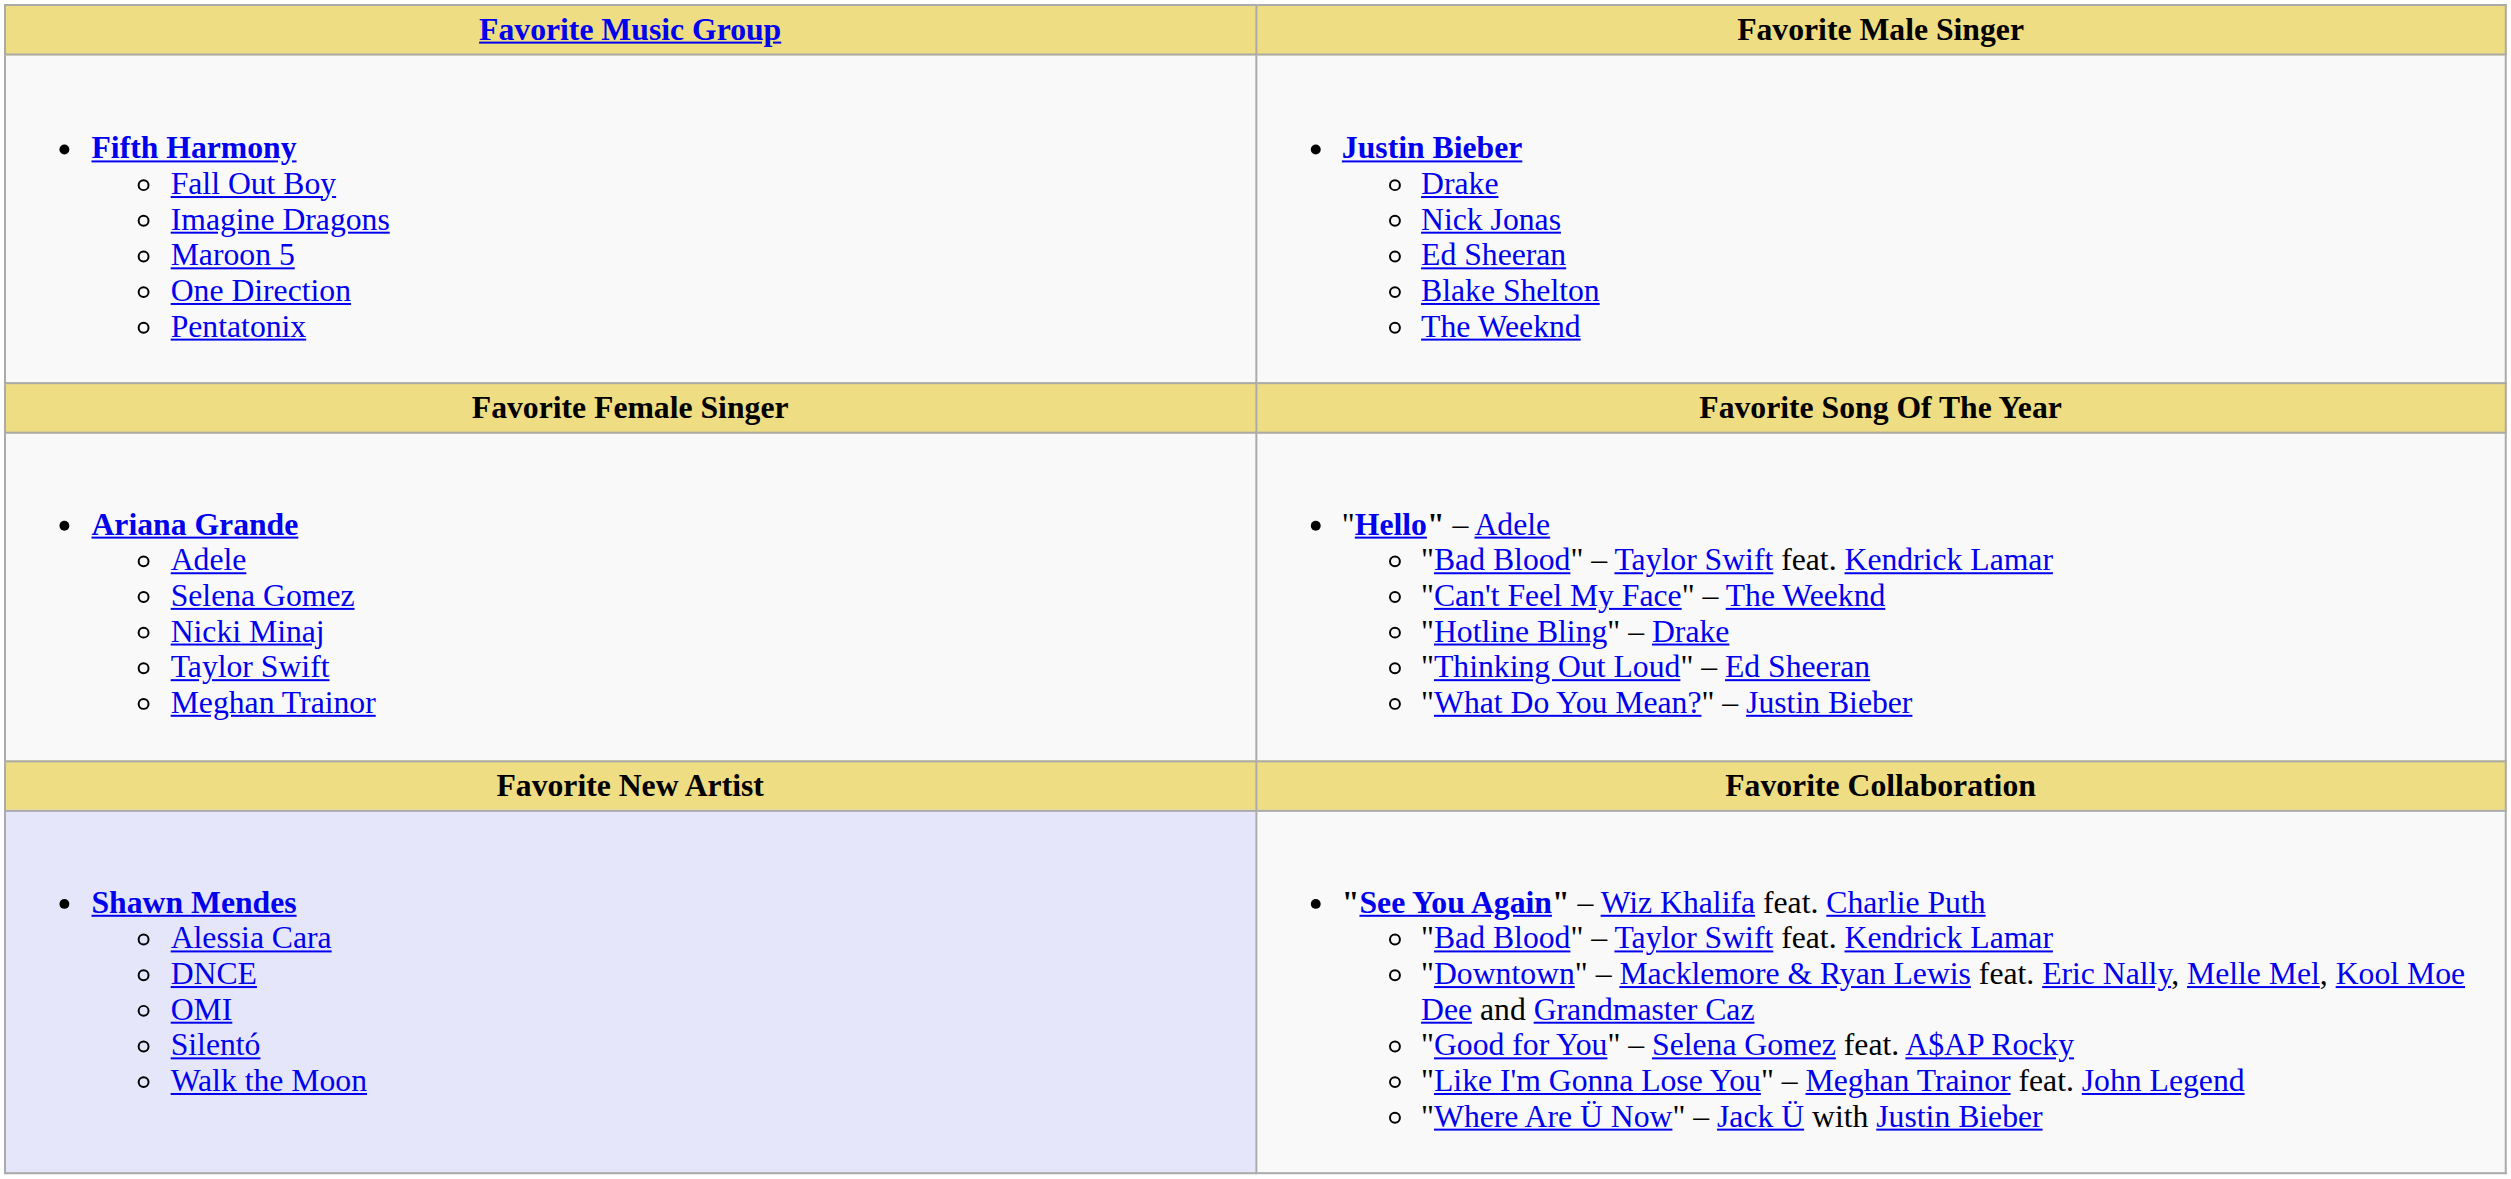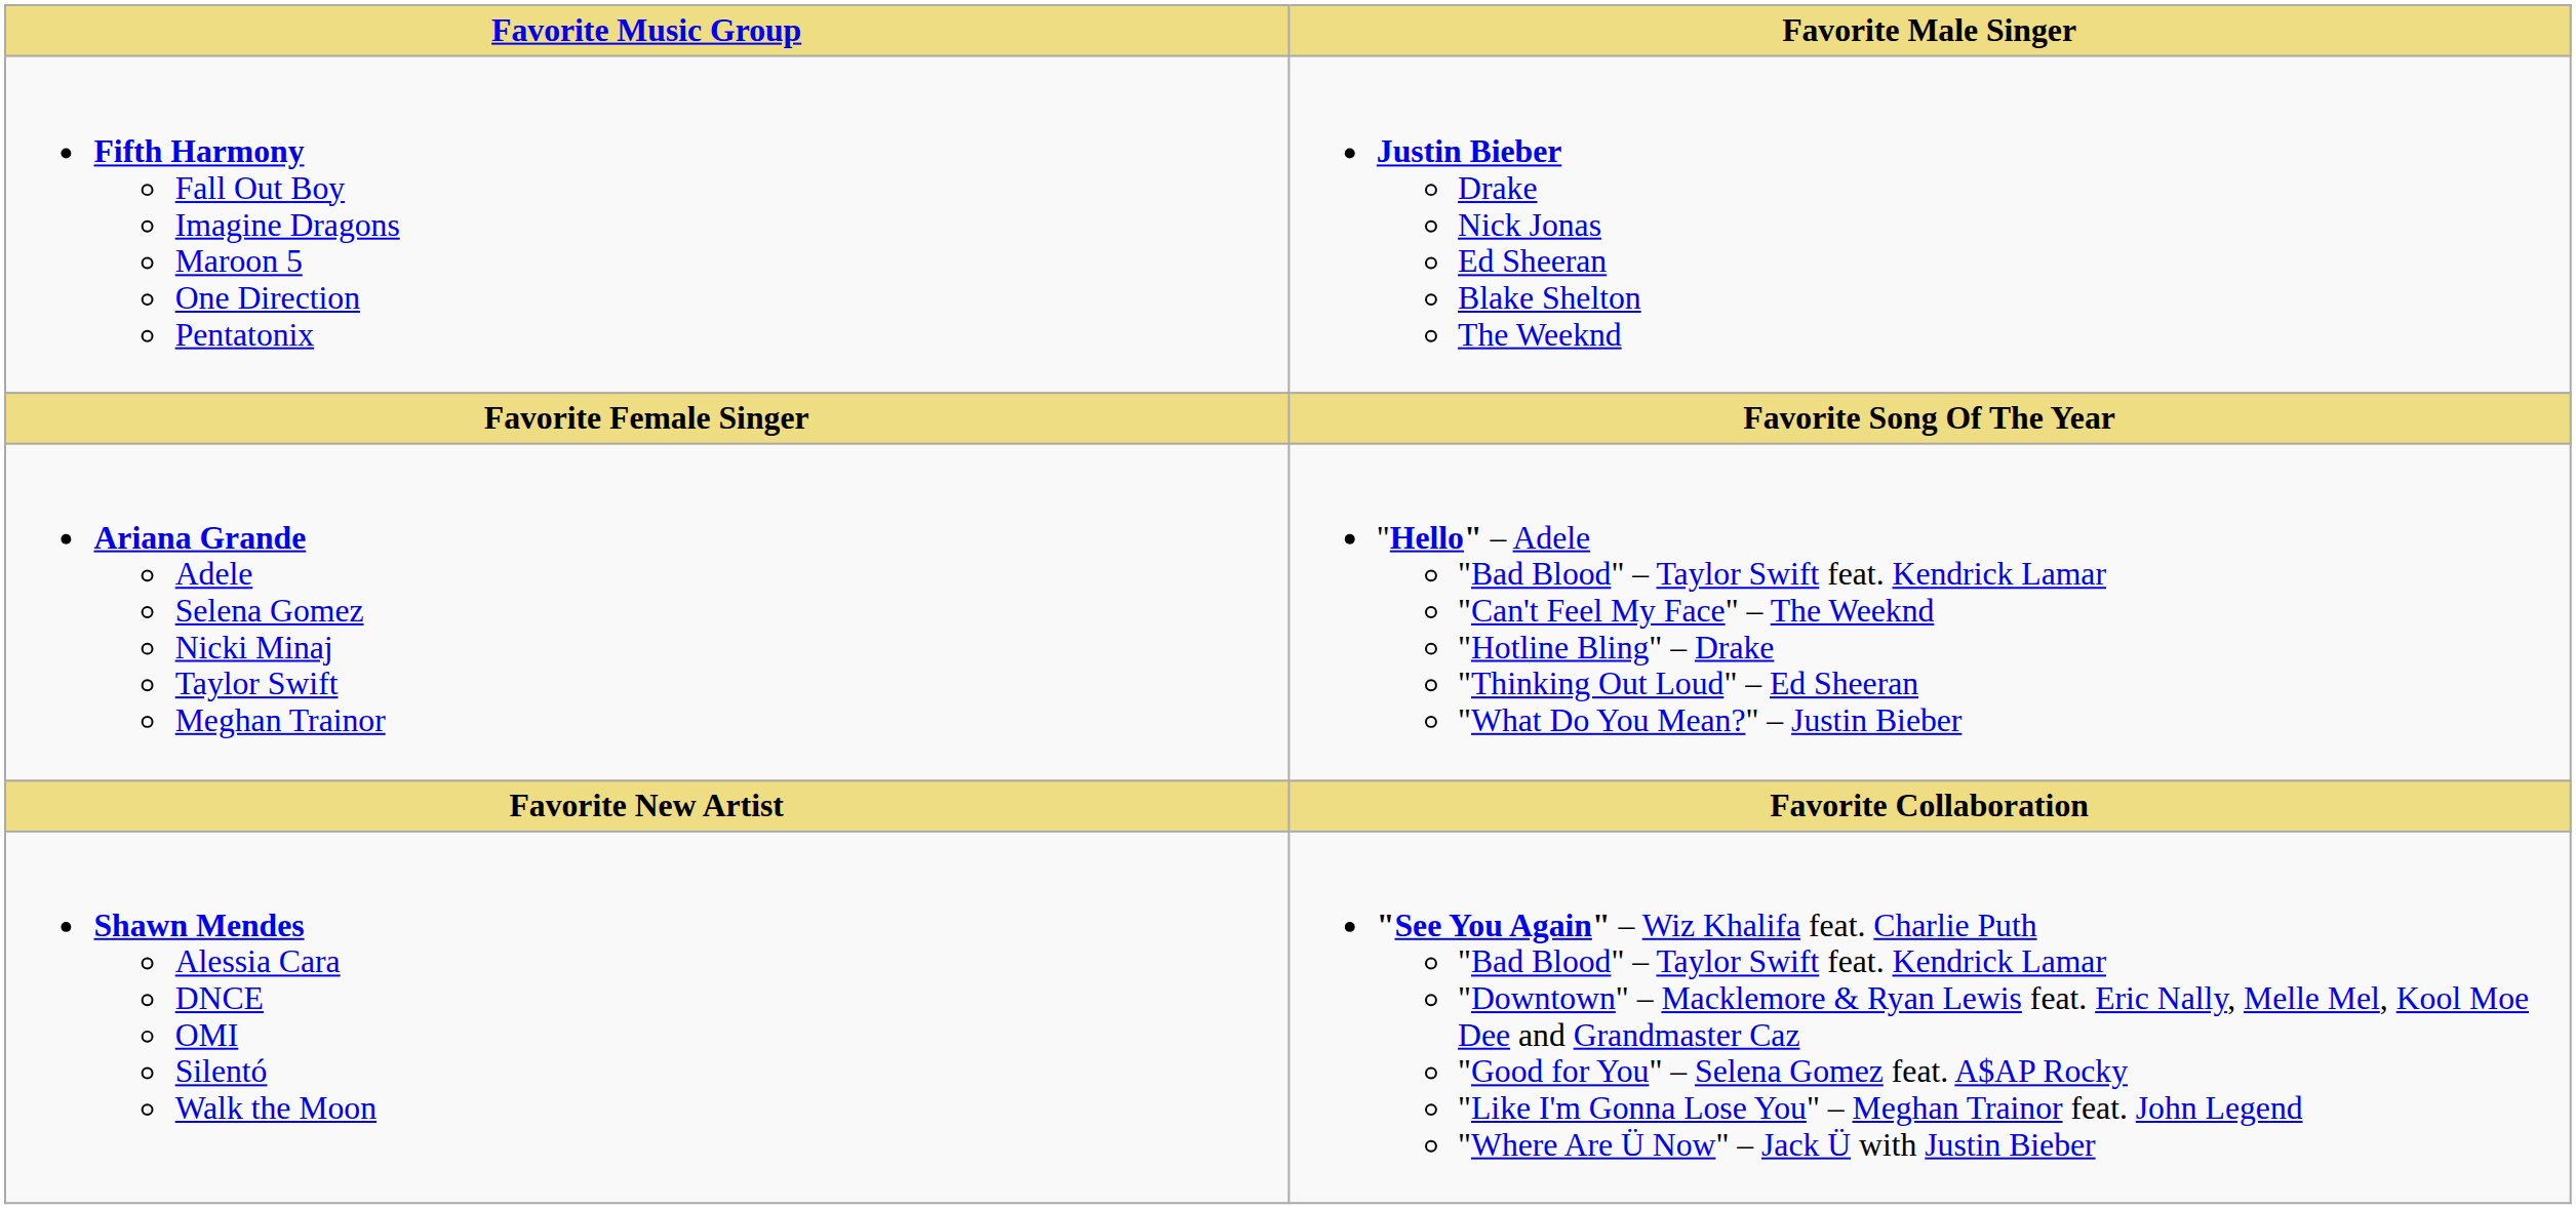 <table class="wikitable" style="width:100%;">
 <tr>
 <th style="background:#EEDD82; width:50%"><a href='#'>Favorite Music Group</a></th>
 <th style="background:#EEDD82; width:50%">Favorite Male Singer</th>
 </tr>
 <tr>
 <td valign="top"><br><ul><li><strong><a href='#'>Fifth Harmony</a></strong><ul><li><a href='#'>Fall Out Boy</a></li><li><a href='#'>Imagine Dragons</a></li><li><a href='#'>Maroon 5</a></li><li><a href='#'>One Direction</a></li><li><a href='#'>Pentatonix</a></li></ul></li></ul></td>
 <td valign="top"><br><ul><li><strong><a href='#'>Justin Bieber</a></strong><ul><li><a href='#'>Drake</a></li><li><a href='#'>Nick Jonas</a></li><li><a href='#'>Ed Sheeran</a></li><li><a href='#'>Blake Shelton</a></li><li><a href='#'>The Weeknd</a></li></ul></li></ul></td>
 </tr>
 <tr>
 <th style="background:#EEDD82; width:50%">Favorite Female Singer</th>
 <th style="background:#EEDD82; width:50%">Favorite Song Of The Year</th>
 </tr>
 <tr>
 <td valign="top"><br><ul><li><strong><a href='#'>Ariana Grande</a></strong><ul><li><a href='#'>Adele</a></li><li><a href='#'>Selena Gomez</a></li><li><a href='#'>Nicki Minaj</a></li><li><a href='#'>Taylor Swift</a></li><li><a href='#'>Meghan Trainor</a></li></ul></li></ul></td>
 <td valign="top"><br><ul><li>"<strong><a href='#'>Hello</a>"</strong> – <a href='#'>Adele</a><ul><li>"<a href='#'>Bad Blood</a>" – <a href='#'>Taylor Swift</a> feat. <a href='#'>Kendrick Lamar</a></li><li>"<a href='#'>Can't Feel My Face</a>" – <a href='#'>The Weeknd</a></li><li>"<a href='#'>Hotline Bling</a>" – <a href='#'>Drake</a></li><li>"<a href='#'>Thinking Out Loud</a>" – <a href='#'>Ed Sheeran</a></li><li>"<a href='#'>What Do You Mean?</a>" – <a href='#'>Justin Bieber</a></li></ul></li></ul></td>
 </tr>
 <tr>
 <th style="background:#EEDD82; width:50%">Favorite New Artist</th>
 <th style="background:#EEDD82; width:50%">Favorite Collaboration</th>
 </tr>
 <tr>
-<td valign="top" style="background: lavender;"><br><ul><li><strong><a href='#'>Shawn Mendes</a></strong><ul><li><a href='#'>Alessia Cara</a></li><li><a href='#'>DNCE</a></li><li><a href='#'>OMI</a></li><li><a href='#'>Silentó</a></li><li><a href='#'>Walk the Moon</a></li></ul></li></ul></td>
+<td valign="top"><br><ul><li><strong><a href='#'>Shawn Mendes</a></strong><ul><li><a href='#'>Alessia Cara</a></li><li><a href='#'>DNCE</a></li><li><a href='#'>OMI</a></li><li><a href='#'>Silentó</a></li><li><a href='#'>Walk the Moon</a></li></ul></li></ul></td>
 <td valign="top"><br><ul><li><strong>"<a href='#'>See You Again</a>"</strong> – <a href='#'>Wiz Khalifa</a> feat. <a href='#'>Charlie Puth</a><ul><li>"<a href='#'>Bad Blood</a>" – <a href='#'>Taylor Swift</a> feat. <a href='#'>Kendrick Lamar</a></li><li>"<a href='#'>Downtown</a>" – <a href='#'>Macklemore & Ryan Lewis</a> feat. <a href='#'>Eric Nally</a>, <a href='#'>Melle Mel</a>, <a href='#'>Kool Moe Dee</a> and <a href='#'>Grandmaster Caz</a></li><li>"<a href='#'>Good for You</a>" – <a href='#'>Selena Gomez</a> feat. <a href='#'>A$AP Rocky</a></li><li>"<a href='#'>Like I'm Gonna Lose You</a>" – <a href='#'>Meghan Trainor</a> feat. <a href='#'>John Legend</a></li><li>"<a href='#'>Where Are Ü Now</a>" – <a href='#'>Jack Ü</a> with <a href='#'>Justin Bieber</a></li></ul></li></ul></td>
 </tr>
 </table>
